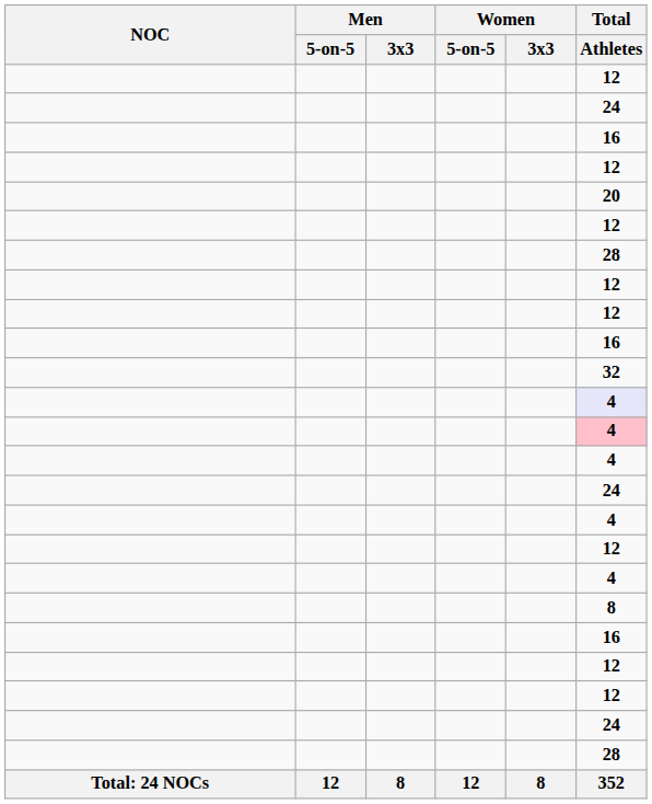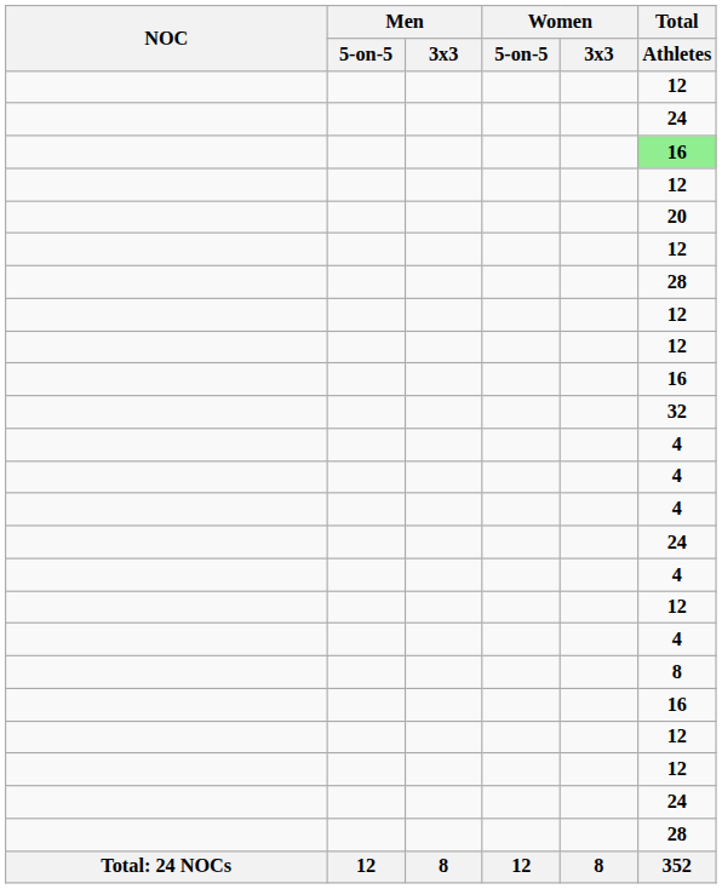 <table class="wikitable sortable" width=520 style="text-align:center; font-size:90%">
 <tr>
 <th rowspan="2" style="text-align:center;">NOC</th>
 <th colspan="2">Men</th>
 <th colspan="2">Women</th>
 <th colspan="1">Total</th>
 </tr>
 <tr>
 <th width=50>5-on-5</th>
 <th width=50>3x3</th>
 <th width=50>5-on-5</th>
 <th width=50>3x3</th>
 <th width=50>Athletes</th>
 </tr>
 <tr>
 <td style="text-align:left;"></td>
 <td></td>
 <td></td>
 <td></td>
 <td></td>
 <td><strong>12</strong></td>
 </tr>
 <tr>
 <td style="text-align:left;"></td>
 <td></td>
 <td></td>
 <td></td>
 <td></td>
 <td><strong>24</strong></td>
 </tr>
 <tr>
 <td style="text-align:left;"></td>
 <td></td>
 <td></td>
 <td></td>
 <td></td>
-<td><strong>16</strong></td>
+<td style="background: lightgreen;"><strong>16</strong></td>
 </tr>
 <tr>
 <td style="text-align:left;"></td>
 <td></td>
 <td></td>
 <td></td>
 <td></td>
 <td><strong>12</strong></td>
 </tr>
 <tr>
 <td style="text-align:left;"></td>
 <td></td>
 <td></td>
 <td></td>
 <td></td>
 <td><strong>20</strong></td>
 </tr>
 <tr>
 <td style="text-align:left;"></td>
 <td></td>
 <td></td>
 <td></td>
 <td></td>
 <td><strong>12</strong></td>
 </tr>
 <tr>
 <td style="text-align:left;"></td>
 <td></td>
 <td></td>
 <td></td>
 <td></td>
 <td><strong>28</strong></td>
 </tr>
 <tr>
 <td style="text-align:left;"></td>
 <td></td>
 <td></td>
 <td></td>
 <td></td>
 <td><strong>12</strong></td>
 </tr>
 <tr>
 <td style="text-align:left;"></td>
 <td></td>
 <td></td>
 <td></td>
 <td></td>
 <td><strong>12</strong></td>
 </tr>
 <tr>
 <td style="text-align:left;"></td>
 <td></td>
 <td></td>
 <td></td>
 <td></td>
 <td><strong>16</strong></td>
 </tr>
 <tr>
 <td style="text-align:left;"></td>
 <td></td>
 <td></td>
 <td></td>
 <td></td>
 <td><strong>32</strong></td>
 </tr>
 <tr>
 <td style="text-align:left;"></td>
 <td></td>
 <td></td>
 <td></td>
 <td></td>
-<td style="background: lavender;"><strong>4</strong></td>
+<td><strong>4</strong></td>
 </tr>
 <tr>
 <td style="text-align:left;"></td>
 <td></td>
 <td></td>
 <td></td>
 <td></td>
-<td style="background: pink;"><strong>4</strong></td>
+<td><strong>4</strong></td>
 </tr>
 <tr>
 <td style="text-align:left;"></td>
 <td></td>
 <td></td>
 <td></td>
 <td></td>
 <td><strong>4</strong></td>
 </tr>
 <tr>
 <td style="text-align:left;"></td>
 <td></td>
 <td></td>
 <td></td>
 <td></td>
 <td><strong>24</strong></td>
 </tr>
 <tr>
 <td style="text-align:left;"></td>
 <td></td>
 <td></td>
 <td></td>
 <td></td>
 <td><strong>4</strong></td>
 </tr>
 <tr>
 <td style="text-align:left;"></td>
 <td></td>
 <td></td>
 <td></td>
 <td></td>
 <td><strong>12</strong></td>
 </tr>
 <tr>
 <td style="text-align:left;"></td>
 <td></td>
 <td></td>
 <td></td>
 <td></td>
 <td><strong>4</strong></td>
 </tr>
 <tr>
 <td style="text-align:left;"></td>
 <td></td>
 <td></td>
 <td></td>
 <td></td>
 <td><strong>8</strong></td>
 </tr>
 <tr>
 <td style="text-align:left;"></td>
 <td></td>
 <td></td>
 <td></td>
 <td></td>
 <td><strong>16</strong></td>
 </tr>
 <tr>
 <td style="text-align:left;"></td>
 <td></td>
 <td></td>
 <td></td>
 <td></td>
 <td><strong>12</strong></td>
 </tr>
 <tr>
 <td style="text-align:left;"></td>
 <td></td>
 <td></td>
 <td></td>
 <td></td>
 <td><strong>12</strong></td>
 </tr>
 <tr>
 <td style="text-align:left;"></td>
 <td></td>
 <td></td>
 <td></td>
 <td></td>
 <td><strong>24</strong></td>
 </tr>
 <tr>
 <td style="text-align:left;"></td>
 <td></td>
 <td></td>
 <td></td>
 <td></td>
 <td><strong>28</strong></td>
 </tr>
 <tr>
 <th>Total: 24 NOCs</th>
 <th>12</th>
 <th>8</th>
 <th>12</th>
 <th>8</th>
 <th>352</th>
 </tr>
 </table>
